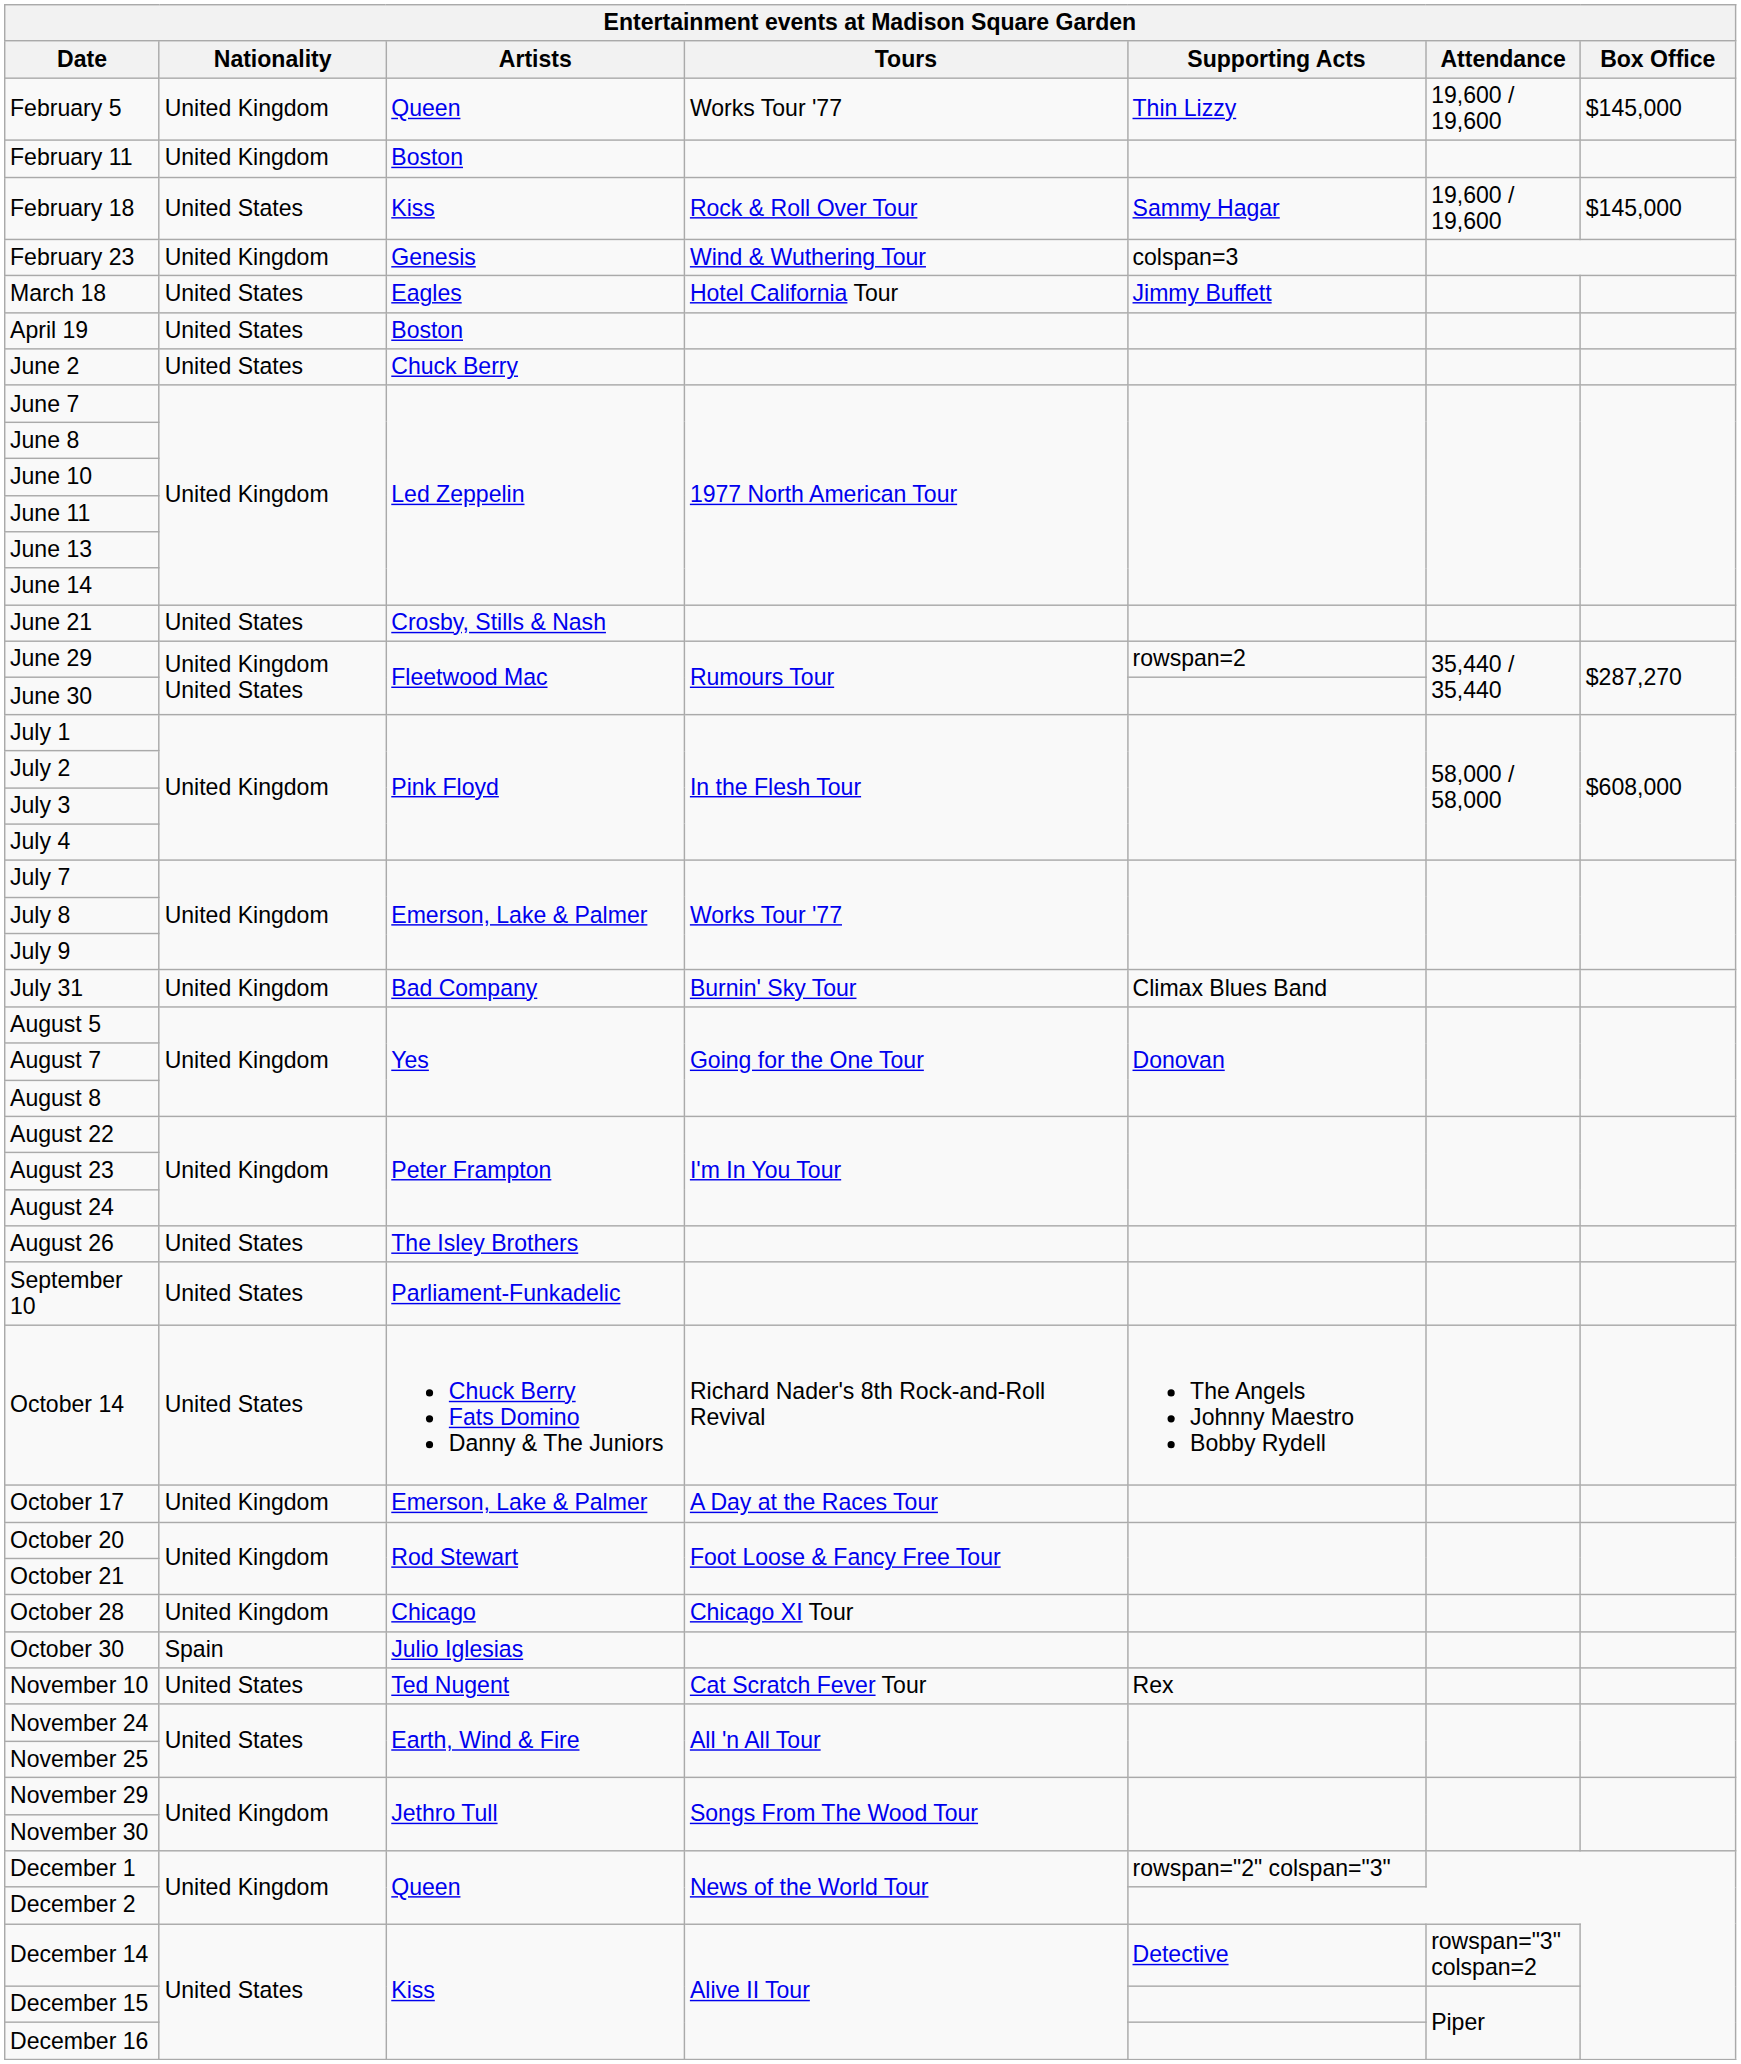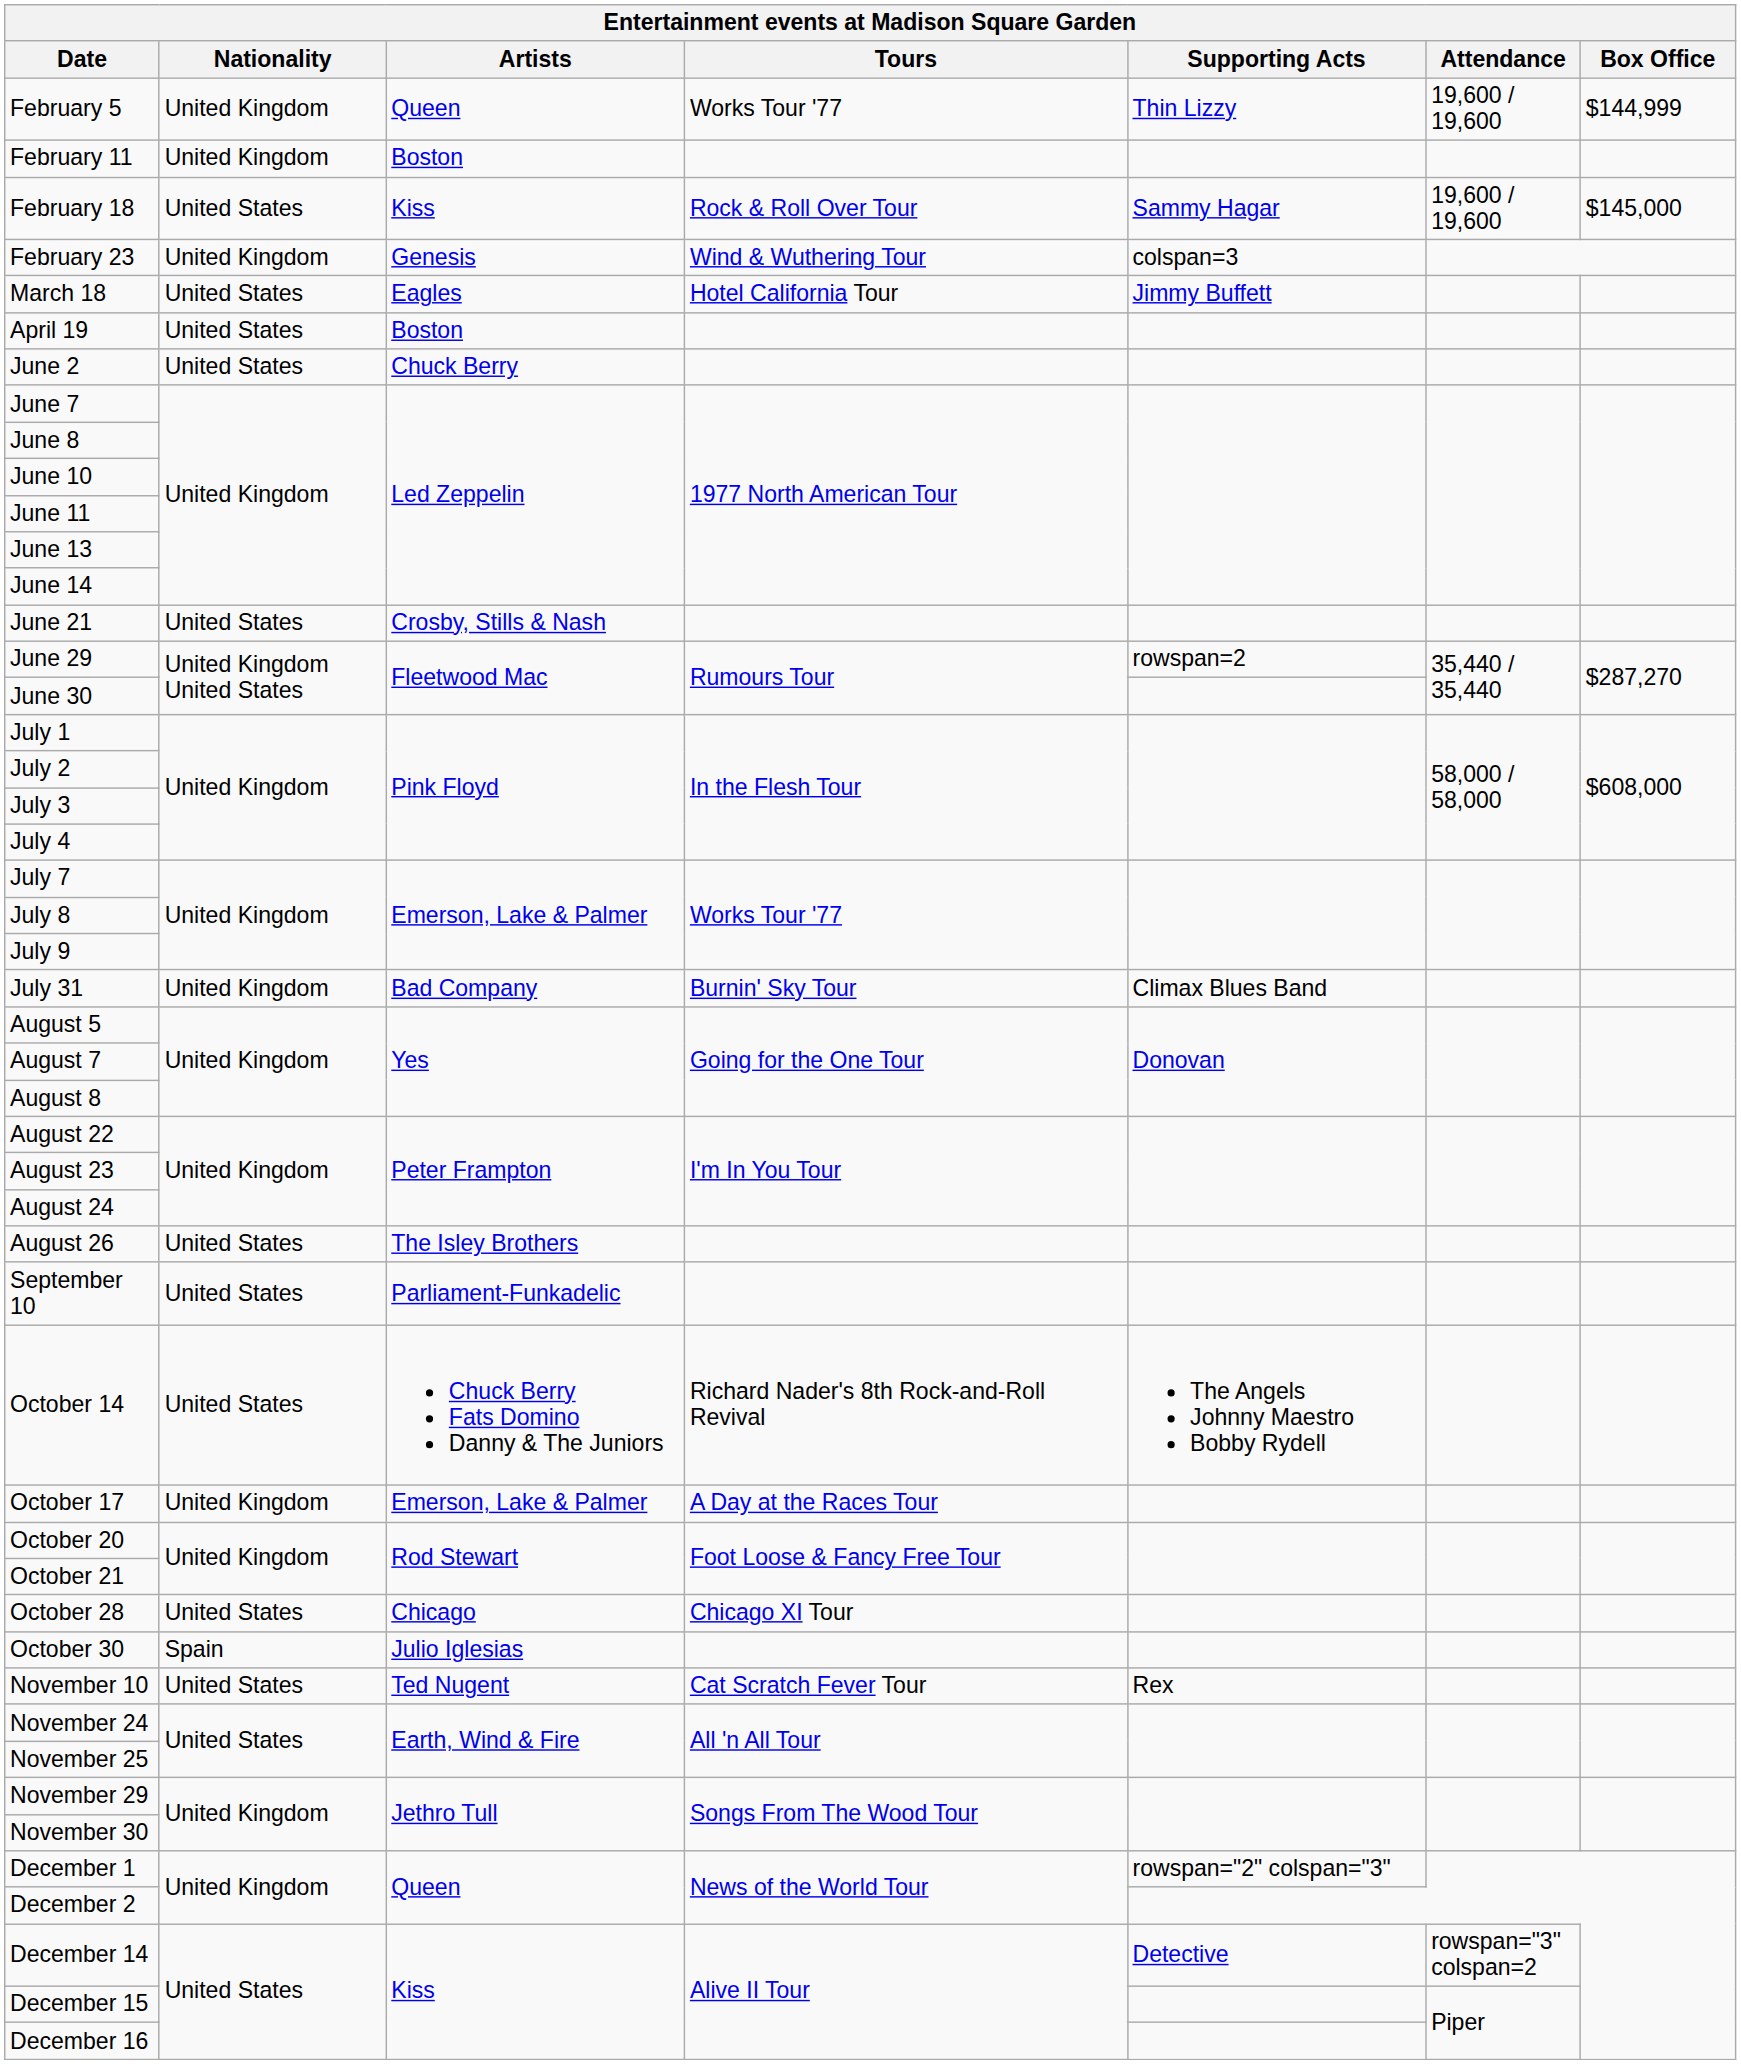 <table class="wikitable">
 <tr>
 <th colspan="7">Entertainment events at Madison Square Garden</th>
 </tr>
 <tr>
 <th width=100>Date</th>
 <th width=150>Nationality</th>
 <th width=200>Artists</th>
 <th width=300>Tours</th>
 <th width=200>Supporting Acts</th>
 <th width=100>Attendance</th>
 <th width=100>Box Office</th>
 </tr>
 <tr>
 <td>February 5</td>
 <td>United Kingdom</td>
 <td><a href='#'>Queen</a></td>
 <td>Works Tour '77</td>
 <td><a href='#'>Thin Lizzy</a></td>
 <td>19,600 / 19,600</td>
-<td>$145,000</td>
+<td>$144,999</td>
 </tr>
 <tr>
 <td>February 11</td>
 <td>United Kingdom</td>
 <td><a href='#'>Boston</a></td>
 <td></td>
 <td></td>
 <td></td>
 <td></td>
 </tr>
 <tr>
 <td>February 18</td>
 <td>United States</td>
 <td><a href='#'>Kiss</a></td>
 <td><a href='#'>Rock & Roll Over Tour</a></td>
 <td><a href='#'>Sammy Hagar</a></td>
 <td>19,600 / 19,600</td>
 <td>$145,000</td>
 </tr>
 <tr>
 <td>February 23</td>
 <td>United Kingdom</td>
 <td><a href='#'>Genesis</a></td>
 <td><a href='#'>Wind & Wuthering Tour</a></td>
 <td>colspan=3 </td>
 </tr>
 <tr>
 <td>March 18</td>
 <td>United States</td>
 <td><a href='#'>Eagles</a></td>
 <td><a href='#'>Hotel California</a> Tour</td>
 <td><a href='#'>Jimmy Buffett</a></td>
 <td></td>
 <td></td>
 </tr>
 <tr>
 <td>April 19</td>
 <td>United States</td>
 <td><a href='#'>Boston</a></td>
 <td></td>
 <td></td>
 <td></td>
 <td></td>
 </tr>
 <tr>
 <td>June 2</td>
 <td>United States</td>
 <td><a href='#'>Chuck Berry</a></td>
 <td></td>
 <td></td>
 <td></td>
 <td></td>
 </tr>
 <tr>
 <td>June 7</td>
 <td rowspan="6">United Kingdom</td>
 <td rowspan="6"><a href='#'>Led Zeppelin</a></td>
 <td rowspan="6"><a href='#'>1977 North American Tour</a></td>
 <td rowspan="6"></td>
 <td rowspan="6"></td>
 <td rowspan="6"></td>
 </tr>
 <tr>
 <td>June 8</td>
 </tr>
 <tr>
 <td>June 10</td>
 </tr>
 <tr>
 <td>June 11</td>
 </tr>
 <tr>
 <td>June 13</td>
 </tr>
 <tr>
 <td>June 14</td>
 </tr>
 <tr>
 <td>June 21</td>
 <td>United States</td>
 <td><a href='#'>Crosby, Stills & Nash</a></td>
 <td></td>
 <td></td>
 <td></td>
 <td></td>
 </tr>
 <tr>
 <td>June 29</td>
 <td rowspan=2>United Kingdom<br>United States</td>
 <td rowspan=2><a href='#'>Fleetwood Mac</a></td>
 <td rowspan=2><a href='#'>Rumours Tour</a></td>
 <td>rowspan=2 </td>
 <td rowspan=2>35,440 / 35,440</td>
 <td rowspan=2>$287,270</td>
 </tr>
 <tr>
 <td>June 30</td>
 </tr>
 <tr>
 <td>July 1</td>
 <td rowspan="4">United Kingdom</td>
 <td rowspan=4><a href='#'>Pink Floyd</a></td>
 <td rowspan=4><a href='#'>In the Flesh Tour</a></td>
 <td rowspan=4></td>
 <td rowspan=4>58,000 / 58,000</td>
 <td rowspan=4>$608,000</td>
 </tr>
 <tr>
 <td>July 2</td>
 </tr>
 <tr>
 <td>July 3</td>
 </tr>
 <tr>
 <td>July 4</td>
 </tr>
 <tr>
 <td>July 7</td>
 <td rowspan=3>United Kingdom</td>
 <td rowspan=3><a href='#'>Emerson, Lake & Palmer</a></td>
 <td rowspan=3><a href='#'>Works Tour '77</a></td>
 <td rowspan=3></td>
 <td rowspan=3></td>
 <td rowspan=3></td>
 </tr>
 <tr>
 <td>July 8</td>
 </tr>
 <tr>
 <td>July 9</td>
 </tr>
 <tr>
 <td>July 31</td>
 <td>United Kingdom</td>
 <td><a href='#'>Bad Company</a></td>
 <td><a href='#'>Burnin' Sky Tour</a></td>
 <td>Climax Blues Band</td>
 <td></td>
 <td></td>
 </tr>
 <tr>
 <td>August 5</td>
 <td rowspan=3>United Kingdom</td>
 <td rowspan=3><a href='#'>Yes</a></td>
 <td rowspan=3><a href='#'>Going for the One Tour</a></td>
 <td rowspan=3><a href='#'>Donovan</a></td>
 <td rowspan=3></td>
 <td rowspan=3></td>
 </tr>
 <tr>
 <td>August 7</td>
 </tr>
 <tr>
 <td>August 8</td>
 </tr>
 <tr>
 <td>August 22</td>
 <td rowspan="3">United Kingdom</td>
 <td rowspan="3"><a href='#'>Peter Frampton</a></td>
 <td rowspan="3"><a href='#'>I'm In You Tour</a></td>
 <td rowspan="3"></td>
 <td rowspan="3"></td>
 <td rowspan="3"></td>
 </tr>
 <tr>
 <td>August 23</td>
 </tr>
 <tr>
 <td>August 24</td>
 </tr>
 <tr>
 <td>August 26</td>
 <td>United States</td>
 <td><a href='#'>The Isley Brothers</a></td>
 <td></td>
 <td></td>
 <td></td>
 <td></td>
 </tr>
 <tr>
 <td>September 10</td>
 <td>United States</td>
 <td><a href='#'>Parliament-Funkadelic</a></td>
 <td></td>
 <td></td>
 <td></td>
 <td></td>
 </tr>
 <tr>
 <td>October 14</td>
 <td>United States</td>
 <td><br><ul><li><a href='#'>Chuck Berry</a></li><li><a href='#'>Fats Domino</a></li><li>Danny & The Juniors</li></ul></td>
 <td>Richard Nader's 8th Rock‐and‐Roll Revival</td>
 <td><br><ul><li>The Angels</li><li>Johnny Maestro</li><li>Bobby Rydell</li></ul></td>
 <td></td>
 <td></td>
 </tr>
 <tr>
 <td>October 17</td>
 <td>United Kingdom</td>
 <td><a href='#'>Emerson, Lake & Palmer</a></td>
 <td><a href='#'>A Day at the Races Tour</a></td>
 <td></td>
 <td></td>
 <td></td>
 </tr>
 <tr>
 <td>October 20</td>
 <td rowspan="2">United Kingdom</td>
 <td rowspan="2"><a href='#'>Rod Stewart</a></td>
 <td rowspan="2"><a href='#'>Foot Loose & Fancy Free Tour</a></td>
 <td rowspan="2"></td>
 <td rowspan="2"></td>
 <td rowspan="2"></td>
 </tr>
 <tr>
 <td>October 21</td>
 </tr>
 <tr>
 <td>October 28</td>
-<td>United Kingdom</td>
+<td>United States</td>
 <td><a href='#'>Chicago</a></td>
 <td><a href='#'>Chicago XI</a> Tour</td>
 <td></td>
 <td></td>
 <td></td>
 </tr>
 <tr>
 <td>October 30</td>
 <td>Spain</td>
 <td><a href='#'>Julio Iglesias</a></td>
 <td></td>
 <td></td>
 <td></td>
 <td></td>
 </tr>
 <tr>
 <td>November 10</td>
 <td>United States</td>
 <td><a href='#'>Ted Nugent</a></td>
 <td><a href='#'>Cat Scratch Fever</a> Tour</td>
 <td>Rex</td>
 <td></td>
 <td></td>
 </tr>
 <tr>
 <td>November 24</td>
 <td rowspan="2">United States</td>
 <td rowspan="2"><a href='#'>Earth, Wind & Fire</a></td>
 <td rowspan="2"><a href='#'>All 'n All Tour</a></td>
 <td rowspan="2"></td>
 <td rowspan="2"></td>
 <td rowspan="2"></td>
 </tr>
 <tr>
 <td>November 25</td>
 </tr>
 <tr>
 <td>November 29</td>
 <td rowspan="2">United Kingdom</td>
 <td rowspan="2"><a href='#'>Jethro Tull</a></td>
 <td rowspan="2"><a href='#'>Songs From The Wood Tour</a></td>
 <td rowspan="2"></td>
 <td rowspan="2"></td>
 <td rowspan="2"></td>
 </tr>
 <tr>
 <td>November 30</td>
 </tr>
 <tr>
 <td>December 1</td>
 <td rowspan="2">United Kingdom</td>
 <td rowspan="2"><a href='#'>Queen</a></td>
 <td rowspan="2"><a href='#'>News of the World Tour</a></td>
 <td>rowspan="2" colspan="3" </td>
 </tr>
 <tr>
 <td>December 2</td>
 </tr>
 <tr>
 <td>December 14</td>
 <td rowspan="3">United States</td>
 <td rowspan="3"><a href='#'>Kiss</a></td>
 <td rowspan="3"><a href='#'>Alive II Tour</a></td>
 <td><a href='#'>Detective</a></td>
 <td>rowspan="3" colspan=2 </td>
 </tr>
 <tr>
 <td>December 15</td>
 <td></td>
 <td rowspan="2">Piper</td>
 </tr>
 <tr>
 <td>December 16</td>
 </tr>
 <tr>
 </tr>
 </table>
